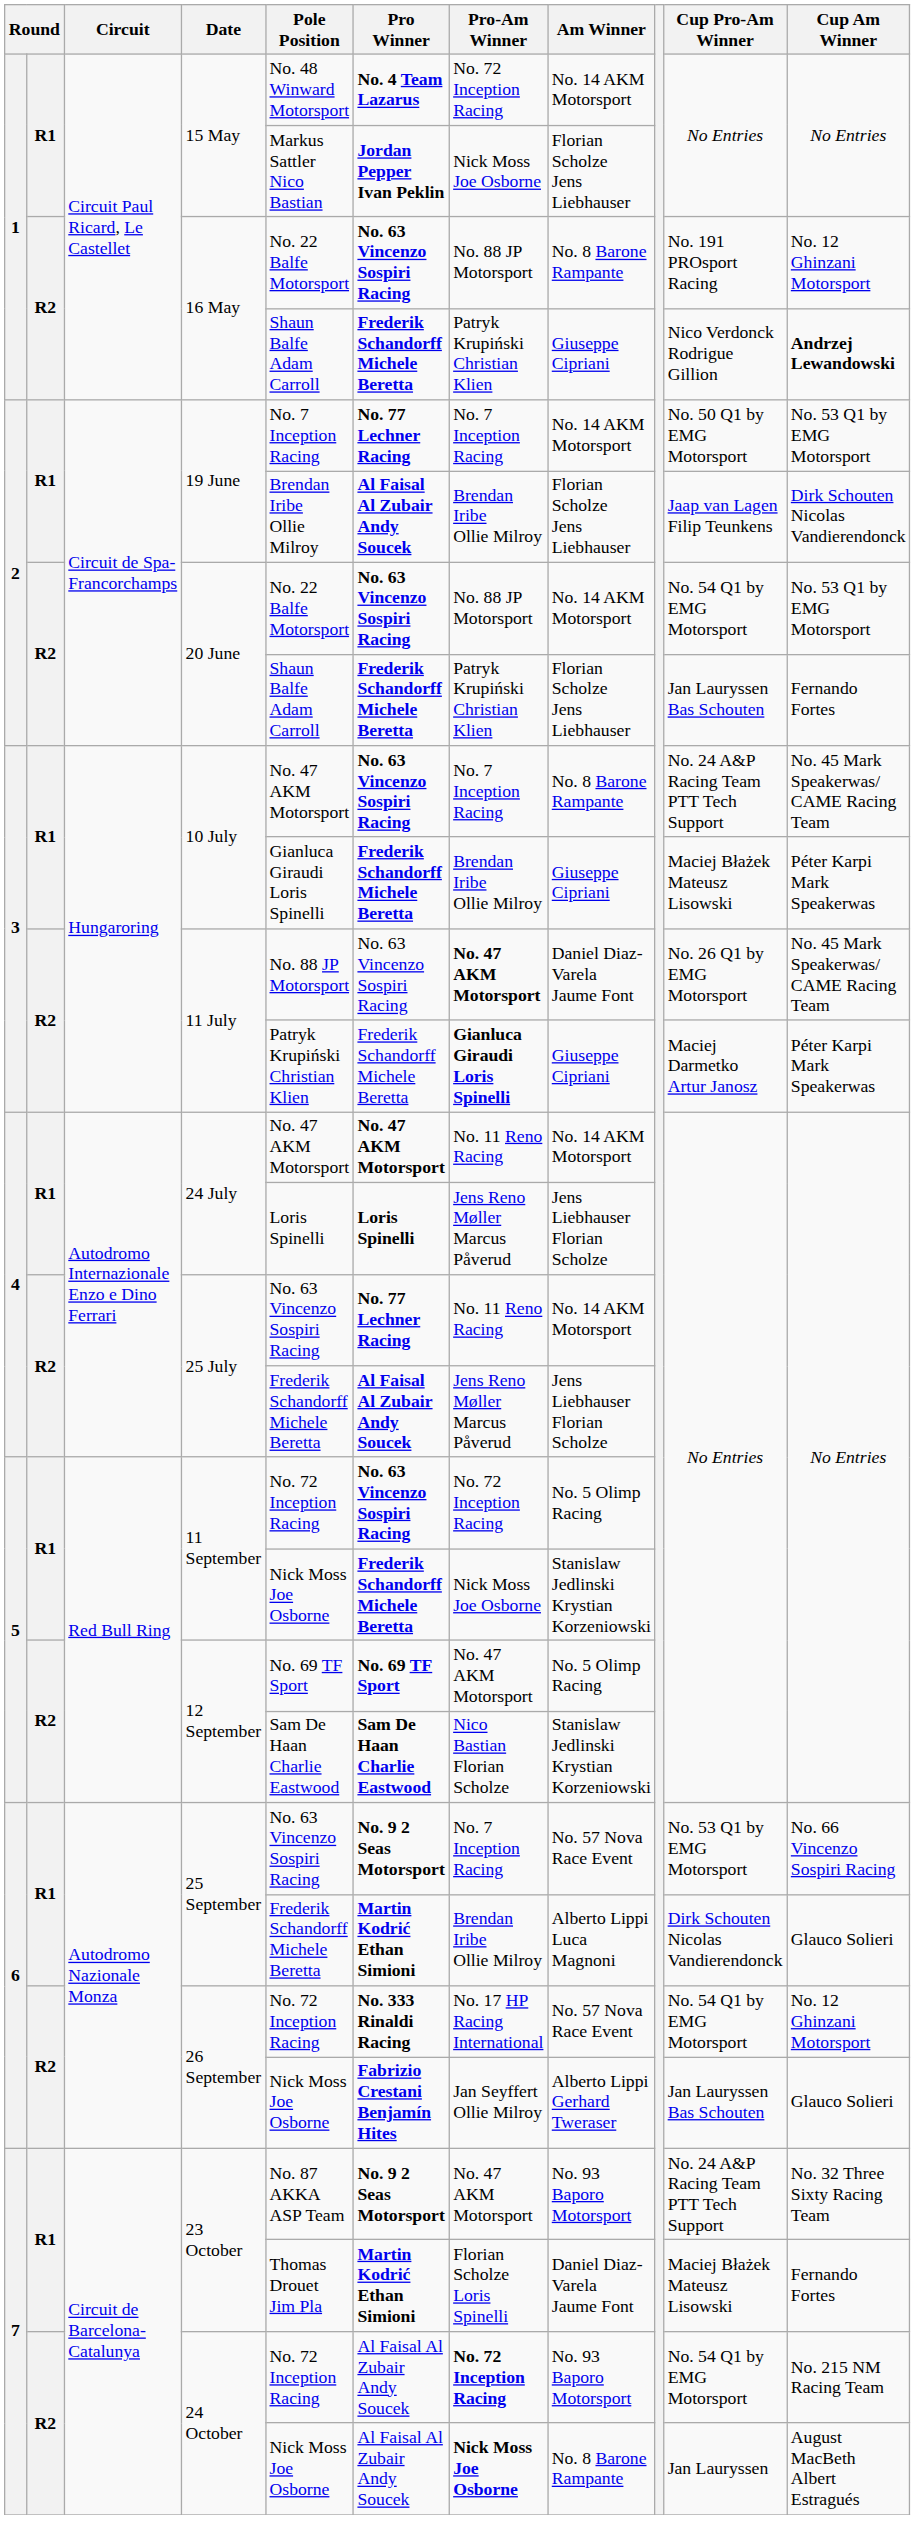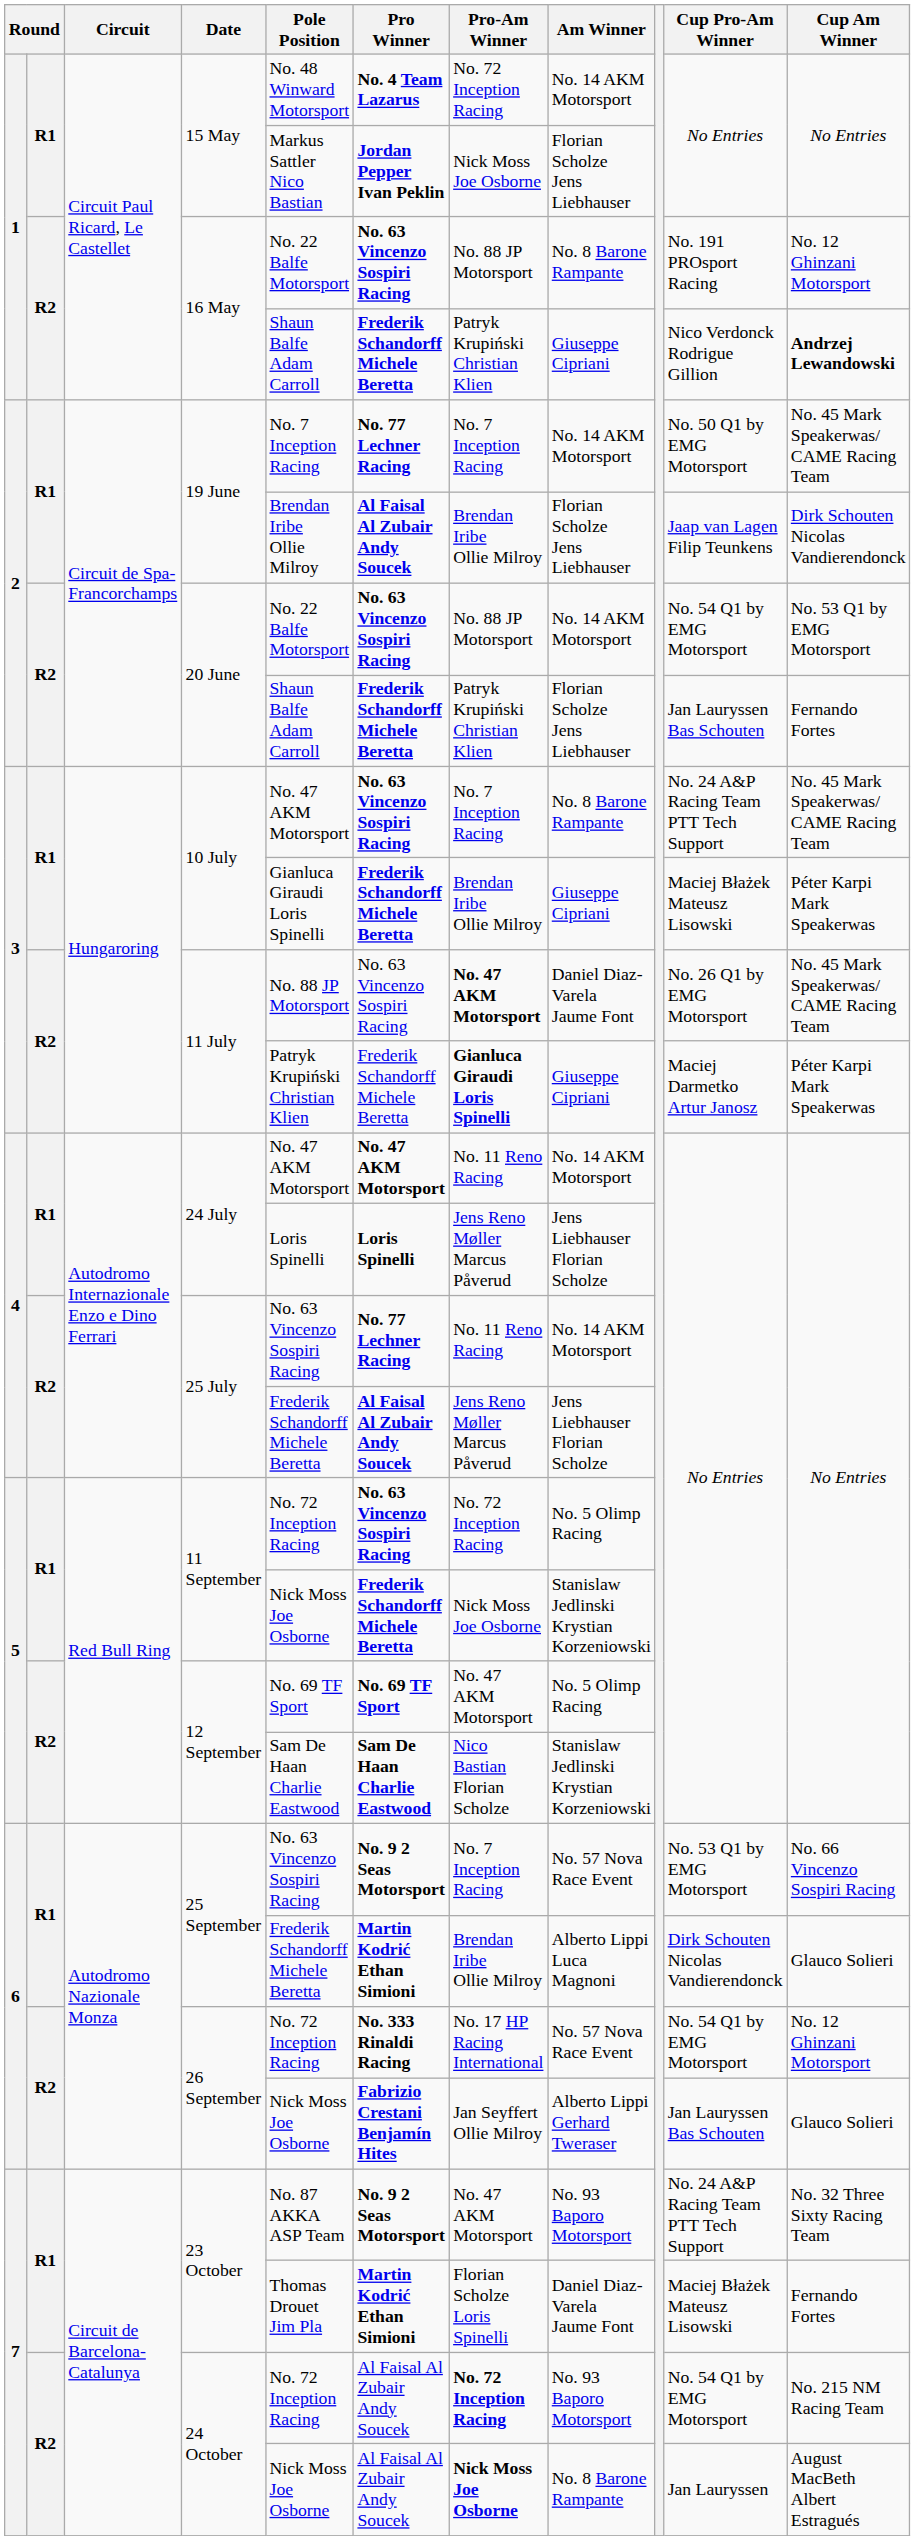 <table class="wikitable" style="font-size: 85%;">
 <tr>
 <th colspan="2">Round</th>
 <th>Circuit</th>
 <th>Date</th>
 <th>Pole Position</th>
 <th>Pro Winner</th>
 <th>Pro-Am Winner</th>
 <th>Am Winner</th>
 <th rowspan="29"></th>
 <th>Cup Pro-Am Winner</th>
 <th>Cup Am Winner</th>
 </tr>
 <tr>
 <th rowspan="4">1</th>
 <th rowspan="2">R1</th>
 <td rowspan="4"> <a href='#'>Circuit Paul Ricard</a>, <a href='#'>Le Castellet</a></td>
 <td rowspan="2">15 May</td>
 <td> No. 48 <a href='#'>Winward Motorsport</a></td>
 <td><strong> No. 4 <a href='#'>Team Lazarus</a></strong></td>
 <td> No. 72 <a href='#'>Inception Racing</a></td>
 <td> No. 14 AKM Motorsport</td>
 <td rowspan=2 align=center><em>No Entries</em></td>
 <td rowspan=2 align=center><em>No Entries</em></td>
 </tr>
 <tr>
 <td> Markus Sattler<br> <a href='#'>Nico Bastian</a></td>
 <td><strong> <a href='#'>Jordan Pepper</a><br> Ivan Peklin</strong></td>
 <td> Nick Moss<br> <a href='#'>Joe Osborne</a></td>
 <td> Florian Scholze<br> Jens Liebhauser</td>
 </tr>
 <tr>
 <th rowspan="2">R2</th>
 <td rowspan="2">16 May</td>
 <td> No. 22 <a href='#'>Balfe Motorsport</a></td>
 <td><strong> No. 63 <a href='#'>Vincenzo Sospiri Racing</a></strong></td>
 <td> No. 88 JP Motorsport</td>
 <td> No. 8 <a href='#'>Barone Rampante</a></td>
 <td> No. 191 PROsport Racing</td>
 <td> No. 12 <a href='#'>Ghinzani Motorsport</a></td>
 </tr>
 <tr>
 <td> <a href='#'>Shaun Balfe</a><br> <a href='#'>Adam Carroll</a></td>
 <td><strong> <a href='#'>Frederik Schandorff</a><br> <a href='#'>Michele Beretta</a></strong></td>
 <td> Patryk Krupiński<br> <a href='#'>Christian Klien</a></td>
 <td> <a href='#'>Giuseppe Cipriani</a></td>
 <td> Nico Verdonck<br> Rodrigue Gillion</td>
 <td><strong> Andrzej Lewandowski</strong></td>
 </tr>
 <tr>
 <th rowspan="4">2</th>
 <th rowspan="2">R1</th>
 <td rowspan="4"> <a href='#'>Circuit de Spa-Francorchamps</a></td>
 <td rowspan="2">19 June</td>
 <td> No. 7 <a href='#'>Inception Racing</a></td>
 <td><strong> No. 77 <a href='#'>Lechner Racing</a></strong></td>
 <td> No. 7 <a href='#'>Inception Racing</a></td>
 <td> No. 14 AKM Motorsport</td>
 <td> No. 50 Q1 by EMG Motorsport</td>
-<td> No. 53 Q1 by EMG Motorsport</td>
+<td> No. 45 Mark Speakerwas/ CAME Racing Team</td>
 </tr>
 <tr>
 <td> <a href='#'>Brendan Iribe</a><br> Ollie Milroy</td>
 <td><strong> <a href='#'>Al Faisal Al Zubair</a><br> <a href='#'>Andy Soucek</a></strong></td>
 <td> <a href='#'>Brendan Iribe</a><br> Ollie Milroy</td>
 <td> Florian Scholze<br> Jens Liebhauser</td>
 <td> <a href='#'>Jaap van Lagen</a><br> Filip Teunkens</td>
 <td> <a href='#'>Dirk Schouten</a><br> Nicolas Vandierendonck</td>
 </tr>
 <tr>
 <th rowspan="2">R2</th>
 <td rowspan="2">20 June</td>
 <td> No. 22 <a href='#'>Balfe Motorsport</a></td>
 <td><strong> No. 63 <a href='#'>Vincenzo Sospiri Racing</a></strong></td>
 <td> No. 88 JP Motorsport</td>
 <td> No. 14 AKM Motorsport</td>
 <td> No. 54 Q1 by EMG Motorsport</td>
 <td> No. 53 Q1 by EMG Motorsport</td>
 </tr>
 <tr>
 <td> <a href='#'>Shaun Balfe</a><br> <a href='#'>Adam Carroll</a></td>
 <td><strong> <a href='#'>Frederik Schandorff</a> <br> <a href='#'>Michele Beretta</a></strong></td>
 <td> Patryk Krupiński<br> <a href='#'>Christian Klien</a></td>
 <td> Florian Scholze<br> Jens Liebhauser</td>
 <td> Jan Lauryssen<br> <a href='#'>Bas Schouten</a></td>
 <td> Fernando Fortes</td>
 </tr>
 <tr>
 <th rowspan="4">3</th>
 <th rowspan="2">R1</th>
 <td rowspan="4"> <a href='#'>Hungaroring</a></td>
 <td rowspan="2">10 July</td>
 <td> No. 47 AKM Motorsport</td>
 <td><strong> No. 63 <a href='#'>Vincenzo Sospiri Racing</a></strong></td>
 <td> No. 7 <a href='#'>Inception Racing</a></td>
 <td> No. 8 <a href='#'>Barone Rampante</a></td>
 <td> No. 24 A&P Racing Team PTT Tech Support</td>
 <td> No. 45 Mark Speakerwas/ CAME Racing Team</td>
 </tr>
 <tr>
 <td> Gianluca Giraudi<br> Loris Spinelli</td>
 <td><strong> <a href='#'>Frederik Schandorff</a><br> <a href='#'>Michele Beretta</a></strong></td>
 <td> <a href='#'>Brendan Iribe</a><br> Ollie Milroy</td>
 <td> <a href='#'>Giuseppe Cipriani</a></td>
 <td> Maciej Błażek<br> Mateusz Lisowski</td>
 <td> Péter Karpi<br> Mark Speakerwas</td>
 </tr>
 <tr>
 <th rowspan="2">R2</th>
 <td rowspan="2">11 July</td>
 <td> No. 88 <a href='#'>JP Motorsport</a></td>
 <td> No. 63 <a href='#'>Vincenzo Sospiri Racing</a></td>
 <td><strong> No. 47 AKM Motorsport</strong></td>
 <td> Daniel Diaz-Varela<br> Jaume Font</td>
 <td> No. 26 Q1 by EMG Motorsport</td>
 <td> No. 45 Mark Speakerwas/ CAME Racing Team</td>
 </tr>
 <tr>
 <td> Patryk Krupiński<br> <a href='#'>Christian Klien</a></td>
 <td> <a href='#'>Frederik Schandorff</a> <br> <a href='#'>Michele Beretta</a></td>
 <td><strong> Gianluca Giraudi<br> <a href='#'>Loris Spinelli</a></strong></td>
 <td> <a href='#'>Giuseppe Cipriani</a></td>
 <td> Maciej Darmetko<br> <a href='#'>Artur Janosz</a></td>
 <td> Péter Karpi<br> Mark Speakerwas</td>
 </tr>
 <tr>
 <th rowspan="4">4</th>
 <th rowspan="2">R1</th>
 <td rowspan="4"> <a href='#'>Autodromo Internazionale Enzo e Dino Ferrari</a></td>
 <td rowspan="2">24 July</td>
 <td> No. 47 AKM Motorsport</td>
 <td><strong> No. 47 AKM Motorsport</strong></td>
 <td> No. 11 <a href='#'>Reno Racing</a></td>
 <td> No. 14 AKM Motorsport</td>
 <td rowspan=8 align=center><em>No Entries</em></td>
 <td rowspan=8 align=center><em>No Entries</em></td>
 </tr>
 <tr>
 <td> Loris Spinelli</td>
 <td><strong> Loris Spinelli</strong></td>
 <td> <a href='#'>Jens Reno Møller</a><br> Marcus Påverud</td>
 <td> Jens Liebhauser<br> Florian Scholze</td>
 </tr>
 <tr>
 <th rowspan="2">R2</th>
 <td rowspan="2">25 July</td>
 <td> No. 63 <a href='#'>Vincenzo Sospiri Racing</a></td>
 <td><strong> No. 77 <a href='#'>Lechner Racing</a></strong></td>
 <td> No. 11 <a href='#'>Reno Racing</a></td>
 <td> No. 14 AKM Motorsport</td>
 </tr>
 <tr>
 <td> <a href='#'>Frederik Schandorff</a> <br> <a href='#'>Michele Beretta</a></td>
 <td><strong> <a href='#'>Al Faisal Al Zubair</a><br> <a href='#'>Andy Soucek</a></strong></td>
 <td> <a href='#'>Jens Reno Møller</a><br> Marcus Påverud</td>
 <td> Jens Liebhauser<br> Florian Scholze</td>
 </tr>
 <tr>
 <th rowspan="4">5</th>
 <th rowspan="2">R1</th>
 <td rowspan="4"> <a href='#'>Red Bull Ring</a></td>
 <td rowspan="2">11 September</td>
 <td> No. 72 <a href='#'>Inception Racing</a></td>
 <td><strong> No. 63 <a href='#'>Vincenzo Sospiri Racing</a></strong></td>
 <td> No. 72 <a href='#'>Inception Racing</a></td>
 <td> No. 5 Olimp Racing</td>
 </tr>
 <tr>
 <td> Nick Moss<br> <a href='#'>Joe Osborne</a></td>
 <td><strong> <a href='#'>Frederik Schandorff</a><br> <a href='#'>Michele Beretta</a></strong></td>
 <td> Nick Moss<br> <a href='#'>Joe Osborne</a></td>
 <td> Stanislaw Jedlinski<br> Krystian Korzeniowski</td>
 </tr>
 <tr>
 <th rowspan="2">R2</th>
 <td rowspan="2">12 September</td>
 <td> No. 69 <a href='#'>TF Sport</a></td>
 <td><strong> No. 69 <a href='#'>TF Sport</a></strong></td>
 <td> No. 47 AKM Motorsport</td>
 <td> No. 5 Olimp Racing</td>
 </tr>
 <tr>
 <td> Sam De Haan<br> <a href='#'>Charlie Eastwood</a></td>
 <td><strong> Sam De Haan<br> <a href='#'>Charlie Eastwood</a></strong></td>
 <td> <a href='#'>Nico Bastian</a><br> Florian Scholze</td>
 <td> Stanislaw Jedlinski<br> Krystian Korzeniowski</td>
 </tr>
 <tr>
 <th rowspan="4">6</th>
 <th rowspan="2">R1</th>
 <td rowspan="4"> <a href='#'>Autodromo Nazionale Monza</a></td>
 <td rowspan="2">25 September</td>
 <td> No. 63 <a href='#'>Vincenzo Sospiri Racing</a></td>
 <td><strong> No. 9 2 Seas Motorsport</strong></td>
 <td> No. 7 <a href='#'>Inception Racing</a></td>
 <td> No. 57 Nova Race Event</td>
 <td> No. 53 Q1 by EMG Motorsport</td>
 <td> No. 66 <a href='#'>Vincenzo Sospiri Racing</a></td>
 </tr>
 <tr>
 <td> <a href='#'>Frederik Schandorff</a> <br> <a href='#'>Michele Beretta</a></td>
 <td><strong> <a href='#'>Martin Kodrić</a><br> Ethan Simioni</strong></td>
 <td> <a href='#'>Brendan Iribe</a><br> Ollie Milroy</td>
 <td> Alberto Lippi<br> Luca Magnoni</td>
 <td> <a href='#'>Dirk Schouten</a><br> Nicolas Vandierendonck</td>
 <td> Glauco Solieri</td>
 </tr>
 <tr>
 <th rowspan="2">R2</th>
 <td rowspan="2">26 September</td>
 <td> No. 72 <a href='#'>Inception Racing</a></td>
 <td><strong> No. 333 Rinaldi Racing</strong></td>
 <td> No. 17 <a href='#'>HP Racing International</a></td>
 <td> No. 57 Nova Race Event</td>
 <td> No. 54 Q1 by EMG Motorsport</td>
 <td> No. 12 <a href='#'>Ghinzani Motorsport</a></td>
 </tr>
 <tr>
 <td> Nick Moss<br> <a href='#'>Joe Osborne</a></td>
 <td><strong> <a href='#'>Fabrizio Crestani</a><br> <a href='#'>Benjamín Hites</a></strong></td>
 <td> Jan Seyffert<br> Ollie Milroy</td>
 <td> Alberto Lippi<br> <a href='#'>Gerhard Tweraser</a></td>
 <td> Jan Lauryssen<br> <a href='#'>Bas Schouten</a></td>
 <td> Glauco Solieri</td>
 </tr>
 <tr>
 <th rowspan="4">7</th>
 <th rowspan="2">R1</th>
 <td rowspan="4"> <a href='#'>Circuit de Barcelona-Catalunya</a></td>
 <td rowspan="2">23 October</td>
 <td> No. 87 AKKA ASP Team</td>
 <td><strong> No. 9 2 Seas Motorsport</strong></td>
 <td> No. 47 AKM Motorsport</td>
 <td> No. 93 <a href='#'>Baporo Motorsport</a></td>
 <td> No. 24 A&P Racing Team PTT Tech Support</td>
 <td> No. 32 Three Sixty Racing Team</td>
 </tr>
 <tr>
 <td> Thomas Drouet<br> <a href='#'>Jim Pla</a></td>
 <td><strong> <a href='#'>Martin Kodrić</a><br> Ethan Simioni</strong></td>
 <td> Florian Scholze<br> <a href='#'>Loris Spinelli</a></td>
 <td> Daniel Diaz-Varela<br> Jaume Font</td>
 <td> Maciej Błażek<br> Mateusz Lisowski</td>
 <td> Fernando Fortes</td>
 </tr>
 <tr>
 <th rowspan="2">R2</th>
 <td rowspan="2">24 October</td>
 <td> No. 72 <a href='#'>Inception Racing</a></td>
 <td> <a href='#'>Al Faisal Al Zubair</a><br> <a href='#'>Andy Soucek</a></td>
 <td><strong> No. 72 <a href='#'>Inception Racing</a></strong></td>
 <td> No. 93 <a href='#'>Baporo Motorsport</a></td>
 <td> No. 54 Q1 by EMG Motorsport</td>
 <td> No. 215 NM Racing Team</td>
 </tr>
 <tr>
 <td> Nick Moss<br> <a href='#'>Joe Osborne</a></td>
 <td> <a href='#'>Al Faisal Al Zubair</a><br> <a href='#'>Andy Soucek</a></td>
 <td><strong> Nick Moss<br> <a href='#'>Joe Osborne</a></strong></td>
 <td> No. 8 <a href='#'>Barone Rampante</a></td>
 <td> Jan Lauryssen</td>
 <td> August MacBeth<br> Albert Estragués</td>
 </tr>
 </table>
